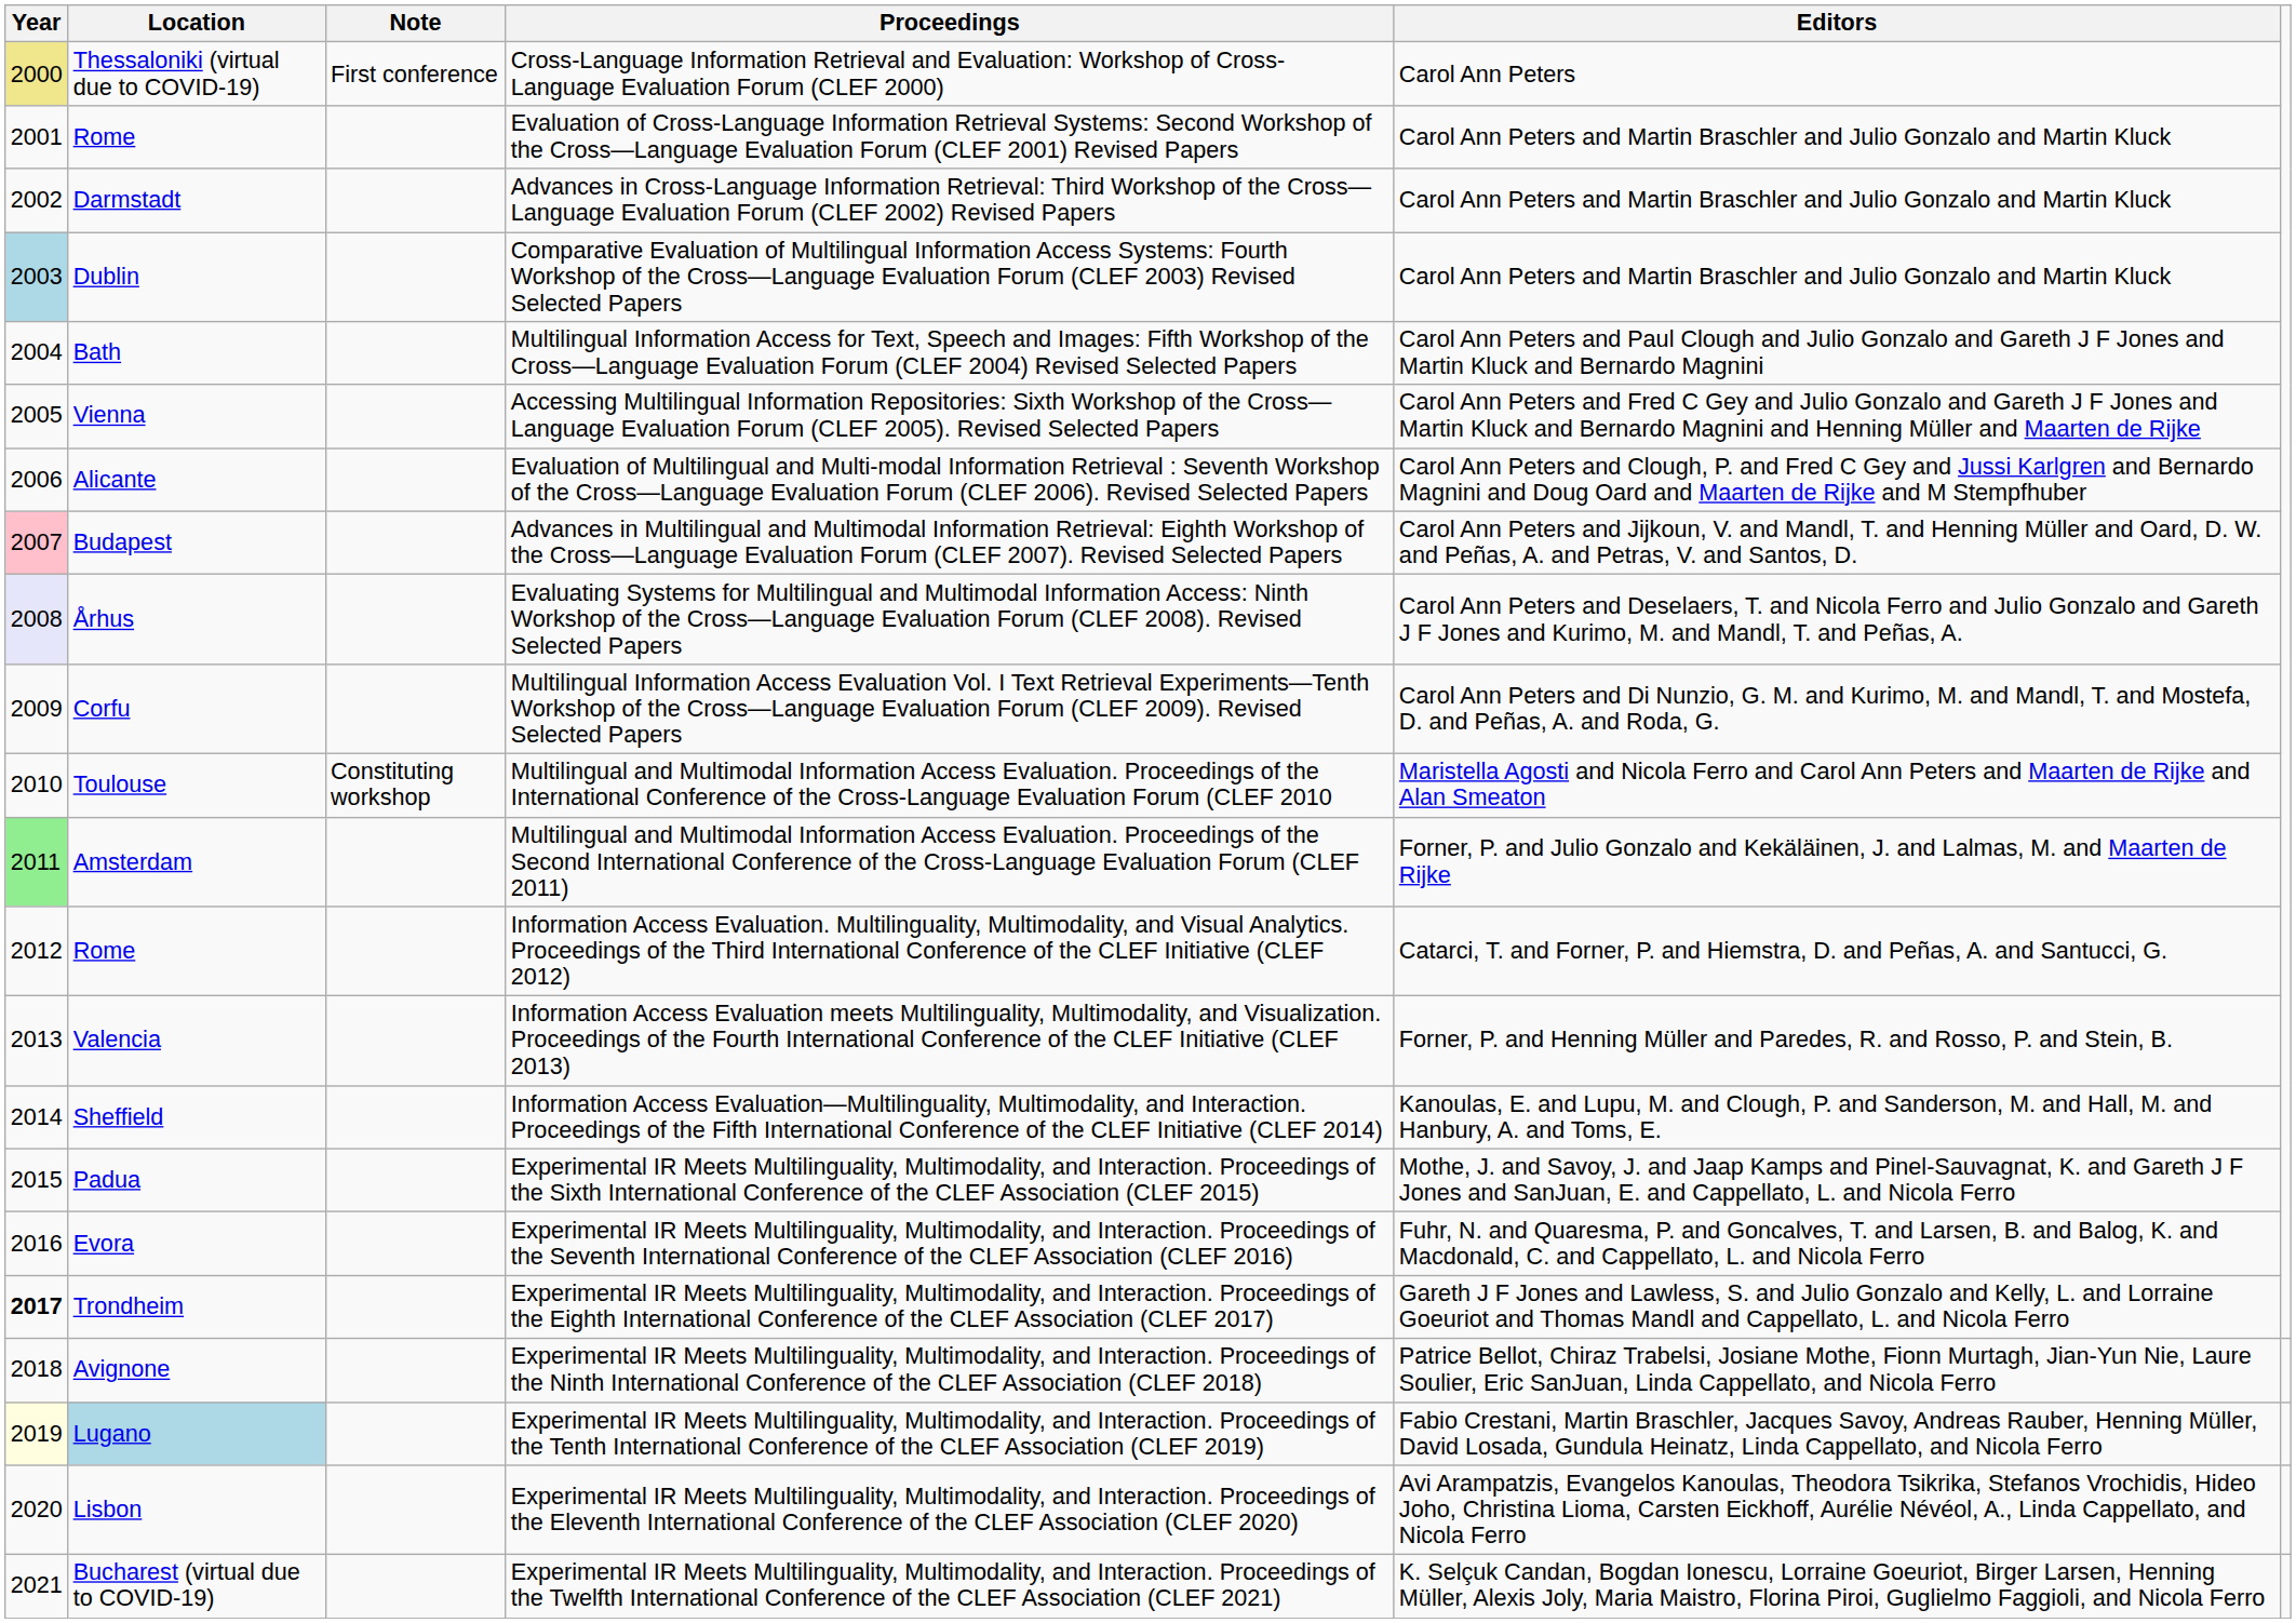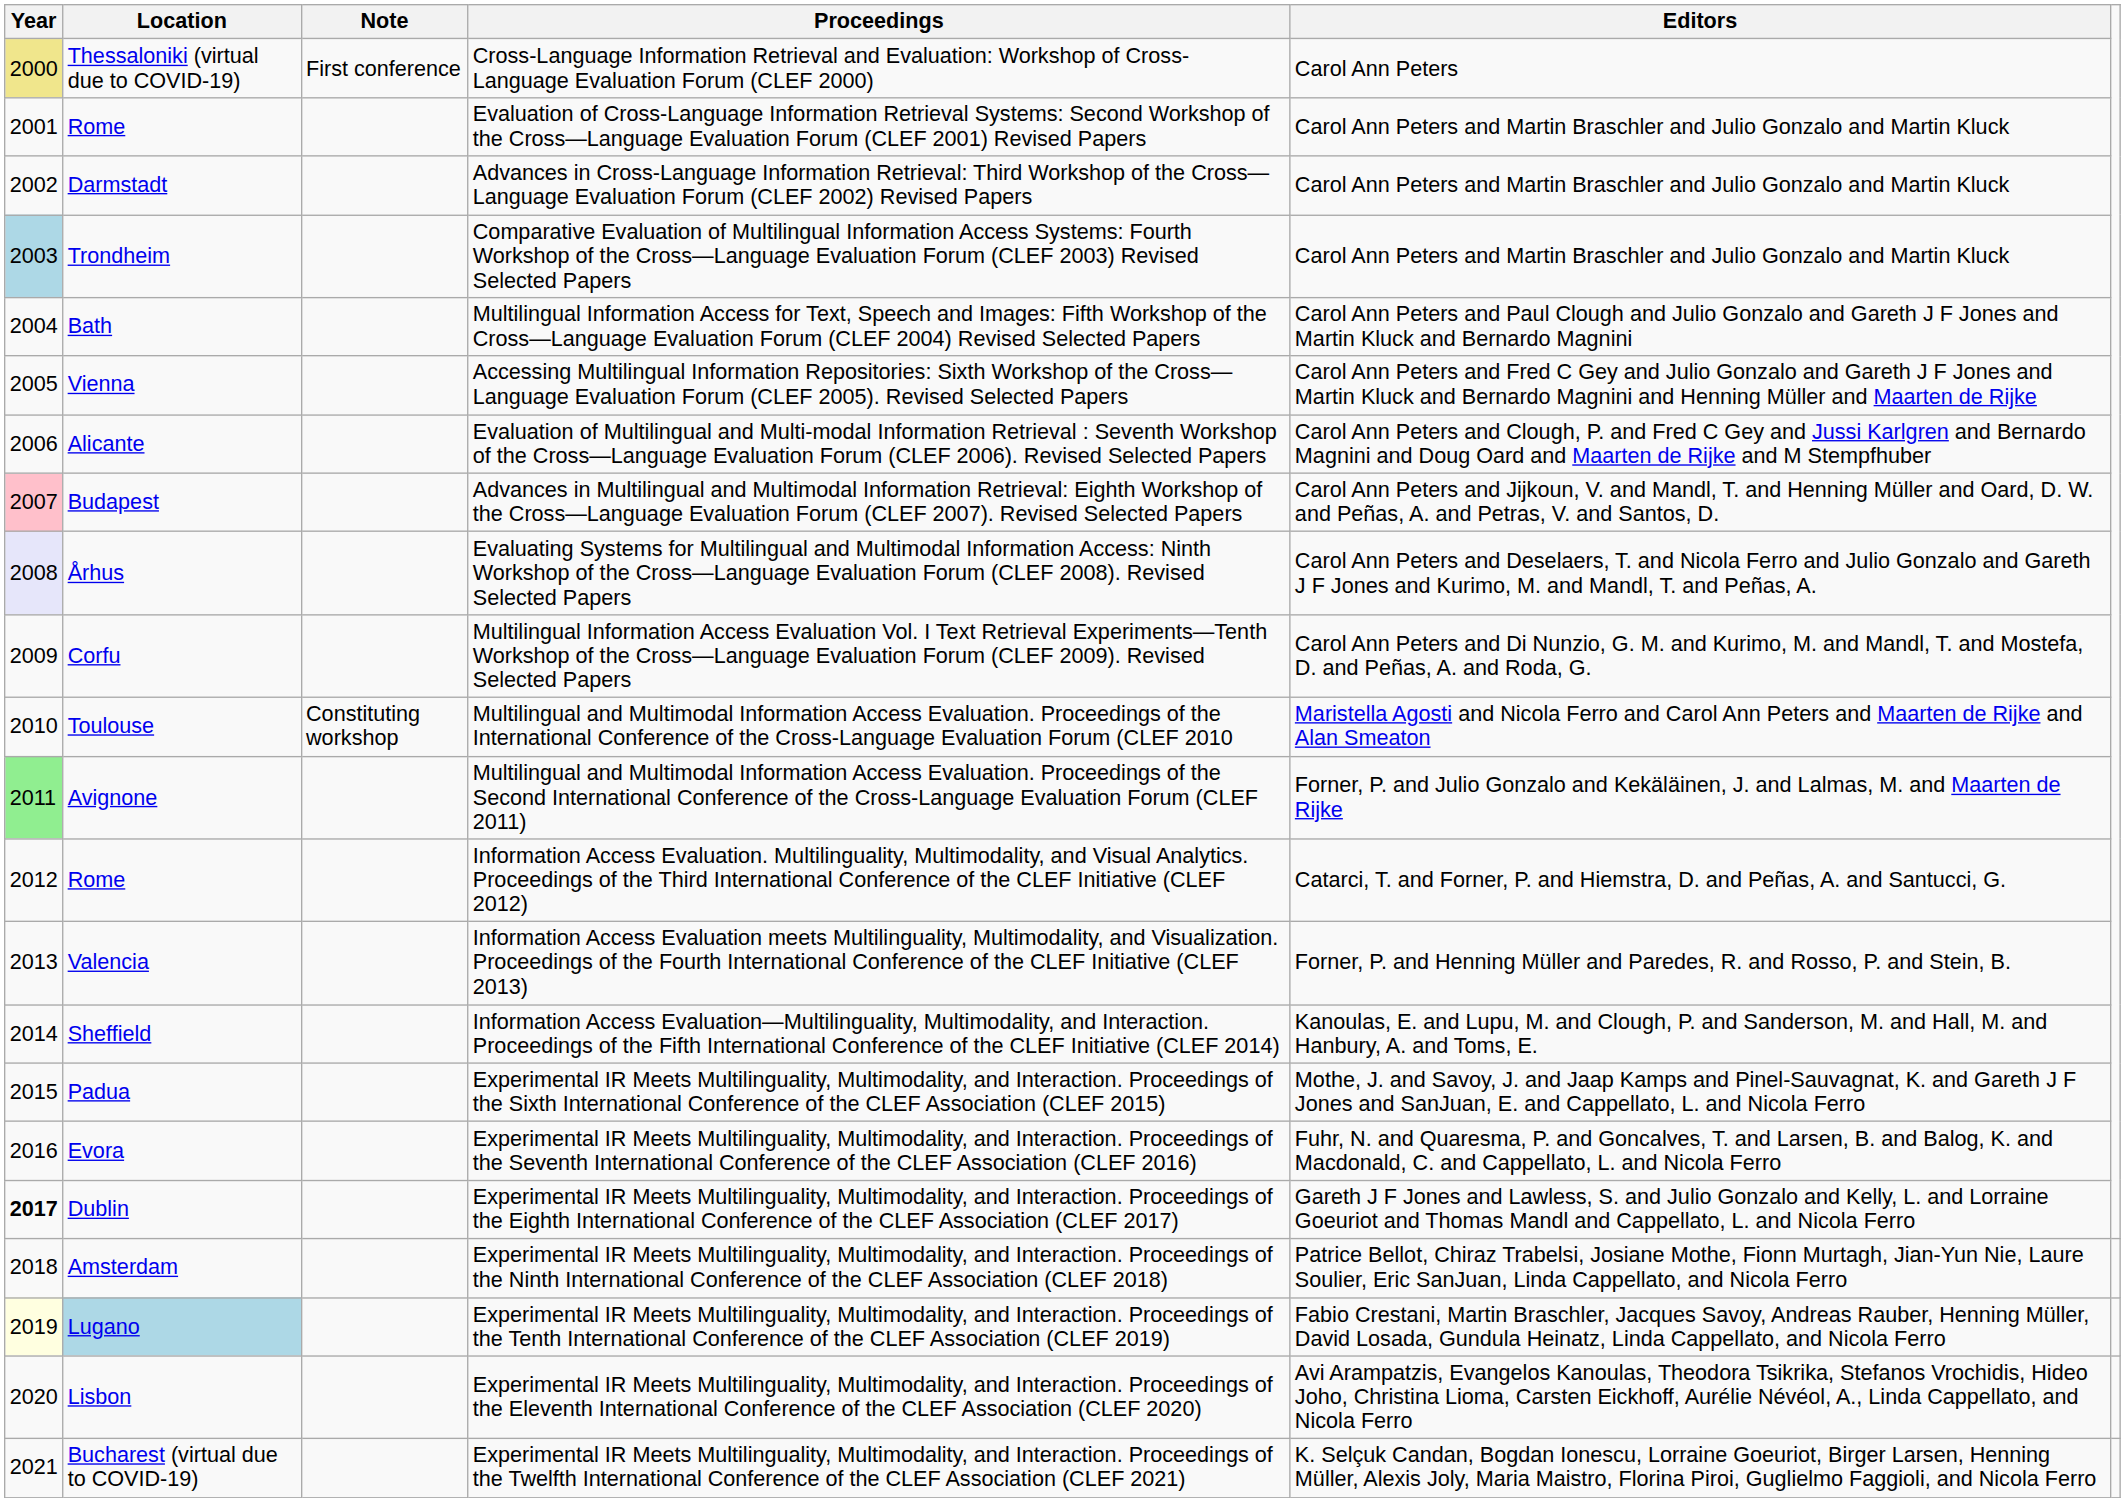 <table class="wikitable">
 <tr>
 <th>Year</th>
 <th>Location</th>
 <th>Note</th>
 <th>Proceedings</th>
 <th>Editors</th>
 </tr>
 <tr>
 <td style="background: khaki;">2000</td>
 <td><a href='#'>Thessaloniki</a> (virtual due to COVID-19)</td>
 <td>First conference</td>
 <td>Cross-Language Information Retrieval and Evaluation: Workshop of Cross-Language Evaluation Forum (CLEF 2000)</td>
 <td>Carol Ann Peters</td>
 </tr>
 <tr>
 <td>2001</td>
 <td><a href='#'>Rome</a></td>
 <td></td>
 <td>Evaluation of Cross-Language Information Retrieval Systems: Second Workshop of the Cross—Language Evaluation Forum (CLEF 2001) Revised Papers</td>
 <td>Carol Ann Peters and Martin Braschler and Julio Gonzalo and Martin Kluck</td>
 </tr>
 <tr>
 <td>2002</td>
 <td><a href='#'>Darmstadt</a></td>
 <td></td>
 <td>Advances in Cross-Language Information Retrieval: Third Workshop of the Cross—Language Evaluation Forum (CLEF 2002) Revised Papers</td>
 <td>Carol Ann Peters and Martin Braschler and Julio Gonzalo and Martin Kluck</td>
 </tr>
 <tr>
 <td style="background: lightblue;">2003</td>
-<td><a href='#'>Dublin</a></td>
+<td><a href='#'>Trondheim</a></td>
 <td></td>
 <td>Comparative Evaluation of Multilingual Information Access Systems: Fourth Workshop of the Cross—Language Evaluation Forum (CLEF 2003) Revised Selected Papers</td>
 <td>Carol Ann Peters and Martin Braschler and Julio Gonzalo and Martin Kluck</td>
 </tr>
 <tr>
 <td>2004</td>
 <td><a href='#'>Bath</a></td>
 <td></td>
 <td>Multilingual Information Access for Text, Speech and Images: Fifth Workshop of the Cross—Language Evaluation Forum (CLEF 2004) Revised Selected Papers</td>
 <td>Carol Ann Peters and Paul Clough and Julio Gonzalo and Gareth J F Jones and Martin Kluck and Bernardo Magnini</td>
 </tr>
 <tr>
 <td>2005</td>
 <td><a href='#'>Vienna</a></td>
 <td></td>
 <td>Accessing Multilingual Information Repositories: Sixth Workshop of the Cross—Language Evaluation Forum (CLEF 2005). Revised Selected Papers</td>
 <td>Carol Ann Peters and Fred C Gey and Julio Gonzalo and Gareth J F Jones and Martin Kluck and Bernardo Magnini and Henning Müller and <a href='#'>Maarten de Rijke</a></td>
 </tr>
 <tr>
 <td>2006</td>
 <td><a href='#'>Alicante</a></td>
 <td></td>
 <td>Evaluation of Multilingual and Multi-modal Information Retrieval : Seventh Workshop of the Cross—Language Evaluation Forum (CLEF 2006). Revised Selected Papers</td>
 <td>Carol Ann Peters and Clough, P. and Fred C Gey and <a href='#'>Jussi Karlgren</a> and Bernardo Magnini and Doug Oard and <a href='#'>Maarten de Rijke</a> and M Stempfhuber</td>
 </tr>
 <tr>
 <td style="background: pink;">2007</td>
 <td><a href='#'>Budapest</a></td>
 <td></td>
 <td>Advances in Multilingual and Multimodal Information Retrieval: Eighth Workshop of the Cross—Language Evaluation Forum (CLEF 2007). Revised Selected Papers</td>
 <td>Carol Ann Peters and Jijkoun, V. and Mandl, T. and Henning Müller and Oard, D. W. and Peñas, A. and Petras, V. and Santos, D.</td>
 </tr>
 <tr>
 <td style="background: lavender;">2008</td>
 <td><a href='#'>Århus</a></td>
 <td></td>
 <td>Evaluating Systems for Multilingual and Multimodal Information Access: Ninth Workshop of the Cross—Language Evaluation Forum (CLEF 2008). Revised Selected Papers</td>
 <td>Carol Ann Peters and Deselaers, T. and Nicola Ferro and Julio Gonzalo and Gareth J F Jones and Kurimo, M. and Mandl, T. and Peñas, A.</td>
 </tr>
 <tr>
 <td>2009</td>
 <td><a href='#'>Corfu</a></td>
 <td></td>
 <td>Multilingual Information Access Evaluation Vol. I Text Retrieval Experiments—Tenth Workshop of the Cross—Language Evaluation Forum (CLEF 2009). Revised Selected Papers</td>
 <td>Carol Ann Peters and Di Nunzio, G. M. and Kurimo, M. and Mandl, T. and Mostefa, D. and Peñas, A. and Roda, G.</td>
 </tr>
 <tr>
 <td>2010</td>
 <td><a href='#'>Toulouse</a></td>
 <td>Constituting workshop</td>
 <td>Multilingual and Multimodal Information Access Evaluation. Proceedings of the International Conference of the Cross-Language Evaluation Forum (CLEF 2010</td>
 <td><a href='#'>Maristella Agosti</a> and Nicola Ferro and Carol Ann Peters and <a href='#'>Maarten de Rijke</a> and <a href='#'>Alan Smeaton</a></td>
 </tr>
 <tr>
 <td style="background: lightgreen;">2011</td>
-<td><a href='#'>Amsterdam</a></td>
+<td><a href='#'>Avignone</a></td>
 <td></td>
 <td>Multilingual and Multimodal Information Access Evaluation. Proceedings of the Second International Conference of the Cross-Language Evaluation Forum (CLEF 2011)</td>
 <td>Forner, P. and Julio Gonzalo and Kekäläinen, J. and Lalmas, M. and <a href='#'>Maarten de Rijke</a></td>
 </tr>
 <tr>
 <td>2012</td>
 <td><a href='#'>Rome</a></td>
 <td></td>
 <td>Information Access Evaluation. Multilinguality, Multimodality, and Visual Analytics. Proceedings of the Third International Conference of the CLEF Initiative (CLEF 2012)</td>
 <td>Catarci, T. and Forner, P. and Hiemstra, D. and Peñas, A. and Santucci, G.</td>
 </tr>
 <tr>
 <td>2013</td>
 <td><a href='#'>Valencia</a></td>
 <td></td>
 <td>Information Access Evaluation meets Multilinguality, Multimodality, and Visualization. Proceedings of the Fourth International Conference of the CLEF Initiative (CLEF 2013)</td>
 <td>Forner, P. and Henning Müller and Paredes, R. and Rosso, P. and Stein, B.</td>
 </tr>
 <tr>
 <td>2014</td>
 <td><a href='#'>Sheffield</a></td>
 <td></td>
 <td>Information Access Evaluation—Multilinguality, Multimodality, and Interaction. Proceedings of the Fifth International Conference of the CLEF Initiative (CLEF 2014)</td>
 <td>Kanoulas, E. and Lupu, M. and Clough, P. and Sanderson, M. and Hall, M. and Hanbury, A. and Toms, E.</td>
 </tr>
 <tr>
 <td>2015</td>
 <td><a href='#'>Padua</a></td>
 <td></td>
 <td>Experimental IR Meets Multilinguality, Multimodality, and Interaction. Proceedings of the Sixth International Conference of the CLEF Association (CLEF 2015)</td>
 <td>Mothe, J. and Savoy, J. and Jaap Kamps and Pinel-Sauvagnat, K. and Gareth J F Jones and SanJuan, E. and Cappellato, L. and Nicola Ferro</td>
 </tr>
 <tr>
 <td>2016</td>
 <td><a href='#'>Evora</a></td>
 <td></td>
 <td>Experimental IR Meets Multilinguality, Multimodality, and Interaction. Proceedings of the Seventh International Conference of the CLEF Association (CLEF 2016)</td>
 <td>Fuhr, N. and Quaresma, P. and Goncalves, T. and Larsen, B. and Balog, K. and Macdonald, C. and Cappellato, L. and Nicola Ferro</td>
 </tr>
 <tr>
 <td><strong>2017</strong></td>
-<td><a href='#'>Trondheim</a></td>
+<td><a href='#'>Dublin</a></td>
 <td></td>
 <td>Experimental IR Meets Multilinguality, Multimodality, and Interaction. Proceedings of the Eighth International Conference of the CLEF Association (CLEF 2017)</td>
 <td>Gareth J F Jones and Lawless, S. and Julio Gonzalo and Kelly, L. and Lorraine Goeuriot and Thomas Mandl and Cappellato, L. and Nicola Ferro</td>
 </tr>
 <tr>
 <td>2018</td>
-<td><a href='#'>Avignone</a></td>
+<td><a href='#'>Amsterdam</a></td>
 <td></td>
 <td>Experimental IR Meets Multilinguality, Multimodality, and Interaction. Proceedings of the Ninth International Conference of the CLEF Association (CLEF 2018)</td>
 <td>Patrice Bellot, Chiraz Trabelsi, Josiane Mothe, Fionn Murtagh, Jian-Yun Nie, Laure Soulier, Eric SanJuan, Linda Cappellato, and Nicola Ferro</td>
 <td></td>
 </tr>
 <tr>
 <td style="background: lightyellow;">2019</td>
 <td style="background: lightblue;"><a href='#'>Lugano</a></td>
 <td></td>
 <td>Experimental IR Meets Multilinguality, Multimodality, and Interaction. Proceedings of the Tenth International Conference of the CLEF Association (CLEF 2019)</td>
 <td>Fabio Crestani, Martin Braschler, Jacques Savoy, Andreas Rauber, Henning Müller, David Losada, Gundula Heinatz, Linda Cappellato, and Nicola Ferro</td>
 <td></td>
 </tr>
 <tr>
 <td>2020</td>
 <td><a href='#'>Lisbon</a></td>
 <td></td>
 <td>Experimental IR Meets Multilinguality, Multimodality, and Interaction. Proceedings of the Eleventh International Conference of the CLEF Association (CLEF 2020)</td>
 <td>Avi Arampatzis, Evangelos Kanoulas, Theodora Tsikrika, Stefanos Vrochidis, Hideo Joho, Christina Lioma, Carsten Eickhoff, Aurélie Névéol, A., Linda Cappellato, and Nicola Ferro</td>
 <td></td>
 </tr>
 <tr>
 <td>2021</td>
 <td><a href='#'>Bucharest</a> (virtual due to COVID-19)</td>
 <td></td>
 <td>Experimental IR Meets Multilinguality, Multimodality, and Interaction. Proceedings of the Twelfth International Conference of the CLEF Association (CLEF 2021)</td>
 <td>K. Selçuk Candan, Bogdan Ionescu, Lorraine Goeuriot, Birger Larsen, Henning Müller, Alexis Joly, Maria Maistro, Florina Piroi, Guglielmo Faggioli, and Nicola Ferro</td>
 </tr>
 </table>
